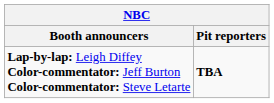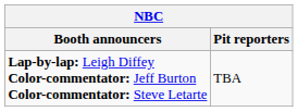 <table class="wikitable" style="font-size: 95%">
 <tr>
 <th colspan="2"><a href='#'>NBC</a></th>
 </tr>
 <tr>
 <th>Booth announcers</th>
 <th>Pit reporters</th>
 </tr>
 <tr>
 <td><strong>Lap-by-lap:</strong> <a href='#'>Leigh Diffey</a><br><strong>Color-commentator:</strong> <a href='#'>Jeff Burton</a><br><strong>Color-commentator:</strong> <a href='#'>Steve Letarte</a></td>
-<td><strong>TBA</strong></td>
+<td>TBA</td>
 </tr>
 </table>
